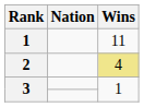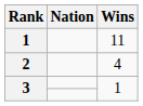 <table class="wikitable">
 <tr>
 <th>Rank</th>
 <th>Nation</th>
 <th>Wins</th>
 </tr>
 <tr>
 <th>1</th>
 <td></td>
 <td style="text-align:center;">11</td>
 </tr>
 <tr>
 <th>2</th>
 <td></td>
-<td style="background: khaki; text-align:center;">4</td>
+<td style="text-align:center;">4</td>
 </tr>
 <tr>
 <th rowspan="2">3</th>
 <td></td>
 <td rowspan="2" style="text-align:center;">1</td>
 </tr>
 <tr>
 <td></td>
 </tr>
 </table>
